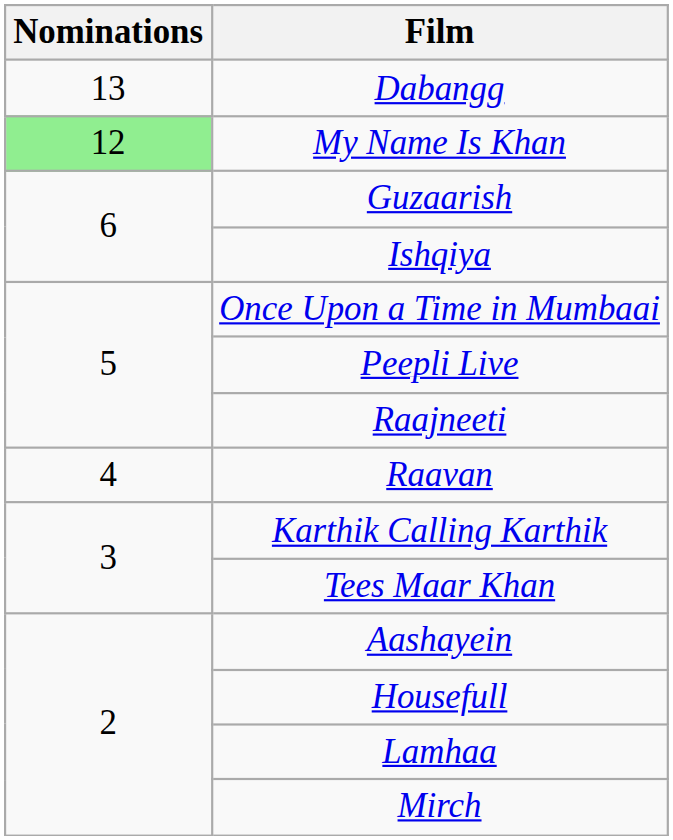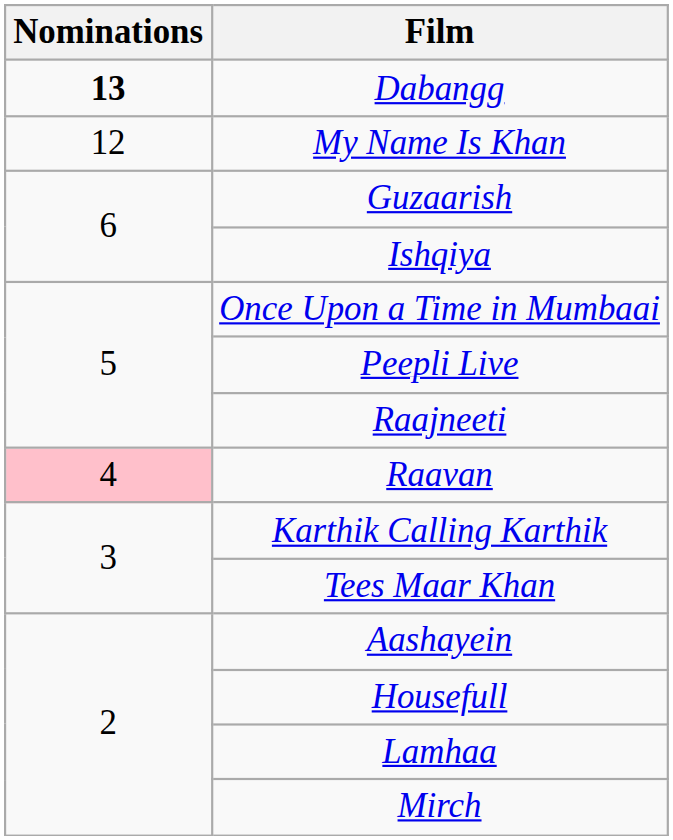 <table class="wikitable" rowspan="2" style="text-align:center;">
 <tr>
 <th scope="col" style="width:55px;">Nominations</th>
 <th scope="col" style="text-align:center;">Film</th>
 </tr>
 <tr>
-<td>13</td>
+<td><strong>13</strong></td>
 <td><em><a href='#'>Dabangg</a></em></td>
 </tr>
 <tr>
-<td style="background: lightgreen;">12</td>
+<td>12</td>
 <td><em><a href='#'>My Name Is Khan</a></em></td>
 </tr>
 <tr>
 <td rowspan="2">6</td>
 <td><em><a href='#'>Guzaarish</a></em></td>
 </tr>
 <tr>
 <td><em><a href='#'>Ishqiya</a></em></td>
 </tr>
 <tr>
 <td rowspan="3">5</td>
 <td><em><a href='#'>Once Upon a Time in Mumbaai</a></em></td>
 </tr>
 <tr>
 <td><em><a href='#'>Peepli Live</a></em></td>
 </tr>
 <tr>
 <td><em><a href='#'>Raajneeti</a></em></td>
 </tr>
 <tr>
-<td>4</td>
+<td style="background: pink;">4</td>
 <td><em><a href='#'>Raavan</a></em></td>
 </tr>
 <tr>
 <td rowspan="2">3</td>
 <td><em><a href='#'>Karthik Calling Karthik</a></em></td>
 </tr>
 <tr>
 <td><em><a href='#'>Tees Maar Khan</a></em></td>
 </tr>
 <tr>
 <td rowspan="4">2</td>
 <td><em><a href='#'>Aashayein</a></em></td>
 </tr>
 <tr>
 <td><em><a href='#'>Housefull</a></em></td>
 </tr>
 <tr>
 <td><em><a href='#'>Lamhaa</a></em></td>
 </tr>
 <tr>
 <td><em><a href='#'>Mirch</a></em></td>
 </tr>
 </table>
